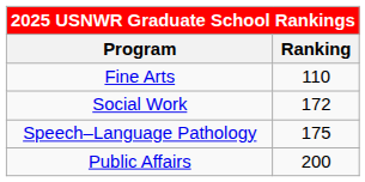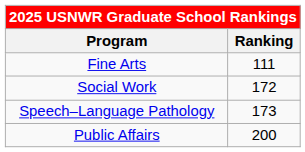 <table class="wikitable sortable collapsible collapsed" style="float:right; text-align:center">
 <tr>
 <th colspan=4 style="background:#FF0000; color:#FFFFFF; ">2025 USNWR Graduate School Rankings</th>
 </tr>
 <tr>
 <th>Program</th>
 <th>Ranking</th>
 </tr>
 <tr>
 <td><a href='#'>Fine Arts</a></td>
-<td>110</td>
+<td>111</td>
 </tr>
 <tr>
 <td><a href='#'>Social Work</a></td>
 <td>172</td>
 </tr>
 <tr>
 <td><a href='#'>Speech–Language Pathology</a></td>
-<td>175</td>
+<td>173</td>
 </tr>
 <tr>
 <td><a href='#'>Public Affairs</a></td>
 <td>200</td>
 </tr>
 </table>
